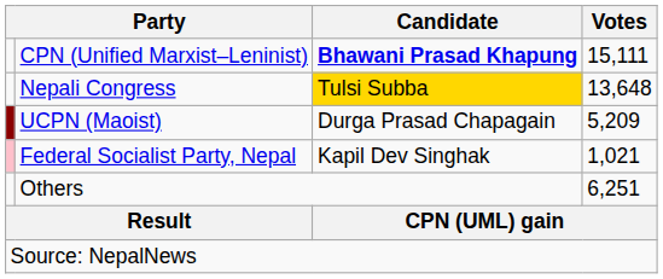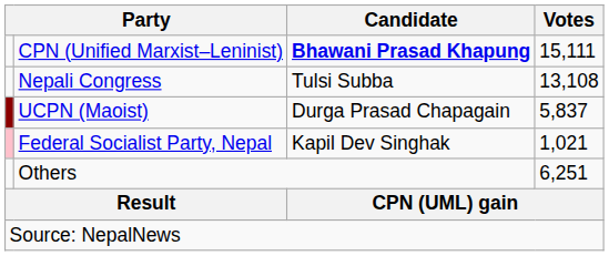 <table class="wikitable">
 <tr>
 <th colspan="2">Party</th>
 <th>Candidate</th>
 <th>Votes</th>
 </tr>
 <tr>
 <td style="background-color:"></td>
 <td><a href='#'>CPN (Unified Marxist–Leninist)</a></td>
 <td><strong><a href='#'>Bhawani Prasad Khapung</a></strong></td>
 <td>15,111</td>
 </tr>
 <tr>
 <td style="background-color:"></td>
 <td><a href='#'>Nepali Congress</a></td>
-<td style="background: gold;">Tulsi Subba</td>
-<td>13,648</td>
+<td>Tulsi Subba</td>
+<td>13,108</td>
 </tr>
 <tr>
 <td style="background-color:darkred"></td>
 <td><a href='#'>UCPN (Maoist)</a></td>
 <td>Durga Prasad Chapagain</td>
-<td>5,209</td>
+<td>5,837</td>
 </tr>
 <tr>
 <td style="background-color:#ffc0cb"></td>
 <td><a href='#'>Federal Socialist Party, Nepal</a></td>
 <td>Kapil Dev Singhak</td>
 <td>1,021</td>
 </tr>
 <tr>
 <td></td>
 <td colspan="2">Others</td>
 <td>6,251</td>
 </tr>
 <tr>
 <th colspan="2">Result</th>
 <th colspan="2">CPN (UML) gain</th>
 </tr>
 <tr>
 <td colspan="4">Source: NepalNews</td>
 </tr>
 </table>
